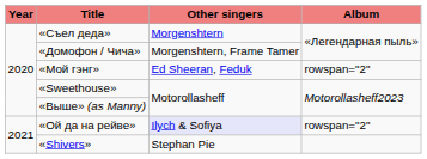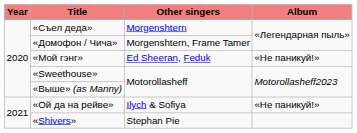 <table class="wikitable">
 <tr>
 <th style="background:#F08080">Year</th>
 <th style="background:#F08080">Title</th>
 <th style="background:#F08080">Other singers</th>
 <th style="background:#F08080">Album</th>
 </tr>
 <tr>
 <td rowspan="5">2020</td>
 <td>«Съел деда»</td>
 <td><a href='#'>Morgenshtern</a></td>
 <td rowspan="2">«Легендарная пыль»</td>
 </tr>
 <tr>
 <td>«Домофон / Чича»</td>
 <td>Morgenshtern, Frame Tamer</td>
 </tr>
 <tr>
 <td>«Мой гэнг»</td>
 <td><a href='#'>Ed Sheeran</a>, <a href='#'>Feduk</a></td>
-<td>rowspan="2" </td>
+<td>«Не паникуй!»</td>
 </tr>
 <tr>
 <td>«Sweethouse»</td>
 <td rowspan="2">Motorollasheff</td>
 <td rowspan="2"><em>Motorollasheff2023</em></td>
 </tr>
 <tr>
 <td>«Выше» <em>(as Manny)</em></td>
 </tr>
 <tr>
 <td rowspan="2">2021</td>
 <td>«Ой да на рейве»</td>
-<td style="background: lavender;"><a href='#'>Ilych</a> & Sofiya</td>
-<td>rowspan="2" </td>
+<td><a href='#'>Ilych</a> & Sofiya</td>
+<td>«Не паникуй!»</td>
 </tr>
 <tr>
 <td>«<a href='#'>Shivers</a>»</td>
 <td>Stephan Pie</td>
 </tr>
 </table>
